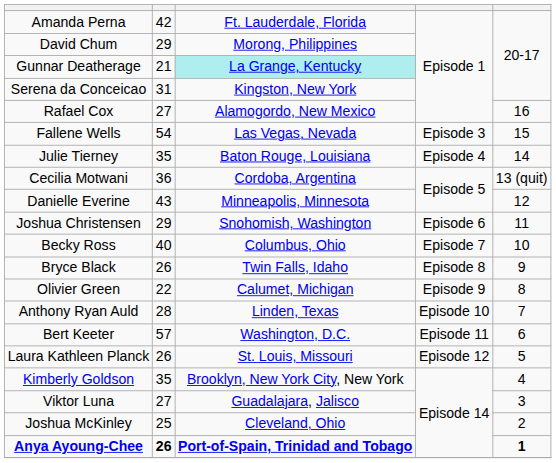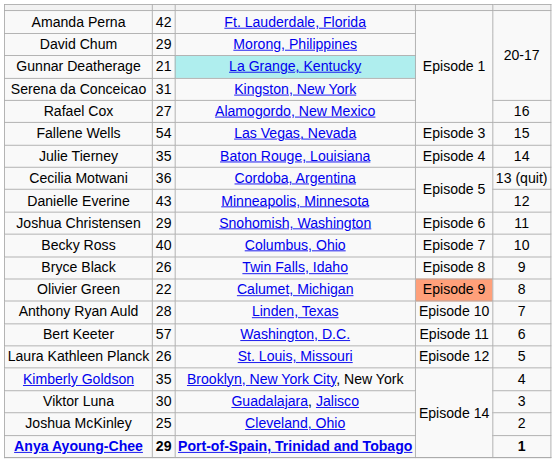 <table class="wikitable sortable" style="text-align:center;">
 <tr>
 <th></th>
 <th></th>
 <th></th>
 <th></th>
 <th></th>
 </tr>
 <tr>
 <td>Amanda Perna</td>
 <td>42</td>
 <td><a href='#'>Ft. Lauderdale, Florida</a></td>
 <td rowspan="5">Episode 1</td>
 <td rowspan="4">20-17</td>
 </tr>
 <tr>
 <td>David Chum</td>
 <td>29</td>
 <td><a href='#'>Morong, Philippines</a></td>
 </tr>
 <tr>
 <td>Gunnar Deatherage</td>
 <td>21</td>
 <td style="background: paleturquoise;"><a href='#'>La Grange, Kentucky</a></td>
 </tr>
 <tr>
 <td>Serena da Conceicao</td>
 <td>31</td>
 <td><a href='#'>Kingston, New York</a></td>
 </tr>
 <tr>
 <td>Rafael Cox</td>
 <td>27</td>
 <td><a href='#'>Alamogordo, New Mexico</a></td>
 <td>16</td>
 </tr>
 <tr>
 <td>Fallene Wells</td>
 <td>54</td>
 <td><a href='#'>Las Vegas, Nevada</a></td>
 <td>Episode 3</td>
 <td>15</td>
 </tr>
 <tr>
 <td>Julie Tierney</td>
 <td>35</td>
 <td><a href='#'>Baton Rouge, Louisiana</a></td>
 <td>Episode 4</td>
 <td>14</td>
 </tr>
 <tr>
 <td>Cecilia Motwani</td>
 <td>36</td>
 <td><a href='#'>Cordoba, Argentina</a></td>
 <td rowspan="2">Episode 5</td>
 <td>13 (quit)</td>
 </tr>
 <tr>
 <td>Danielle Everine</td>
 <td>43</td>
 <td><a href='#'>Minneapolis, Minnesota</a></td>
 <td>12</td>
 </tr>
 <tr>
 <td>Joshua Christensen</td>
 <td>29</td>
 <td><a href='#'>Snohomish, Washington</a></td>
 <td>Episode 6</td>
 <td>11</td>
 </tr>
 <tr>
 <td>Becky Ross</td>
 <td>40</td>
 <td><a href='#'>Columbus, Ohio</a></td>
 <td>Episode 7</td>
 <td>10</td>
 </tr>
 <tr>
 <td>Bryce Black</td>
 <td>26</td>
 <td><a href='#'>Twin Falls, Idaho</a></td>
 <td>Episode 8</td>
 <td>9</td>
 </tr>
 <tr>
 <td>Olivier Green</td>
 <td>22</td>
 <td><a href='#'>Calumet, Michigan</a></td>
-<td>Episode 9</td>
+<td style="background: lightsalmon;">Episode 9</td>
 <td>8</td>
 </tr>
 <tr>
 <td>Anthony Ryan Auld</td>
 <td>28</td>
 <td><a href='#'>Linden, Texas</a></td>
 <td>Episode 10</td>
 <td>7</td>
 </tr>
 <tr>
 <td>Bert Keeter</td>
 <td>57</td>
 <td><a href='#'>Washington, D.C.</a></td>
 <td>Episode 11</td>
 <td>6</td>
 </tr>
 <tr>
 <td>Laura Kathleen Planck</td>
 <td>26</td>
 <td><a href='#'>St. Louis, Missouri</a></td>
 <td>Episode 12</td>
 <td>5</td>
 </tr>
 <tr>
 <td><a href='#'>Kimberly Goldson</a></td>
 <td>35</td>
 <td><a href='#'>Brooklyn, New York City</a>, New York</td>
 <td rowspan="4">Episode 14</td>
 <td>4</td>
 </tr>
 <tr>
 <td>Viktor Luna</td>
-<td>27</td>
+<td>30</td>
 <td><a href='#'>Guadalajara</a>, <a href='#'>Jalisco</a></td>
 <td>3</td>
 </tr>
 <tr>
 <td>Joshua McKinley</td>
 <td>25</td>
 <td><a href='#'>Cleveland, Ohio</a></td>
 <td>2</td>
 </tr>
 <tr>
 <td><strong><a href='#'>Anya Ayoung-Chee</a></strong></td>
-<td><strong>26</strong></td>
+<td><strong>29</strong></td>
 <td><strong><a href='#'>Port-of-Spain, Trinidad and Tobago</a></strong></td>
 <td><strong>1</strong></td>
 </tr>
 <tr>
 </tr>
 </table>
